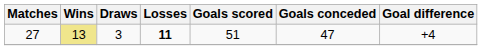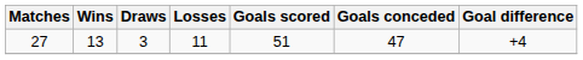 <table class="wikitable" | style="text-align:center;">
 <tr>
 <th>Matches</th>
 <th>Wins</th>
 <th>Draws</th>
 <th>Losses</th>
 <th>Goals scored</th>
 <th>Goals conceded</th>
 <th>Goal difference</th>
 </tr>
 <tr>
 <td>27</td>
-<td style="background: khaki;">13</td>
+<td>13</td>
 <td>3</td>
-<td><strong>11</strong></td>
+<td>11</td>
 <td>51</td>
 <td>47</td>
 <td>+4</td>
 </tr>
 <tr>
 </tr>
 </table>
